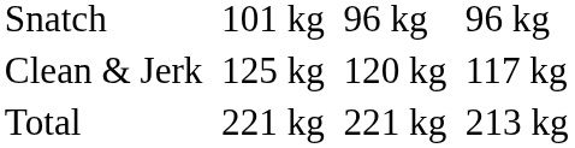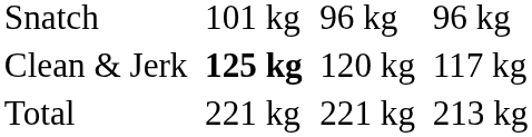 <table>
 <tr>
 <td>Snatch</td>
 <td></td>
 <td>101 kg</td>
 <td></td>
 <td>96 kg</td>
 <td></td>
 <td>96 kg</td>
 </tr>
 <tr>
 <td>Clean & Jerk</td>
 <td></td>
-<td>125 kg</td>
+<td><strong>125 kg</strong></td>
 <td></td>
 <td>120 kg</td>
 <td></td>
 <td>117 kg</td>
 </tr>
 <tr>
 <td>Total</td>
 <td></td>
 <td>221 kg</td>
 <td></td>
 <td>221 kg</td>
 <td></td>
 <td>213 kg</td>
 </tr>
 </table>
